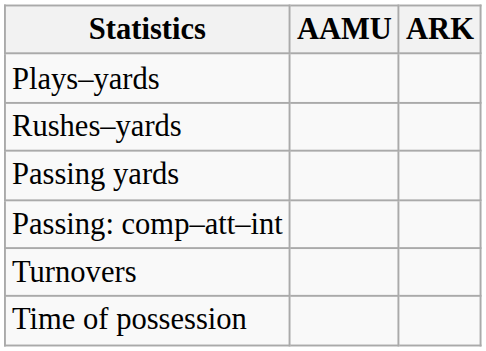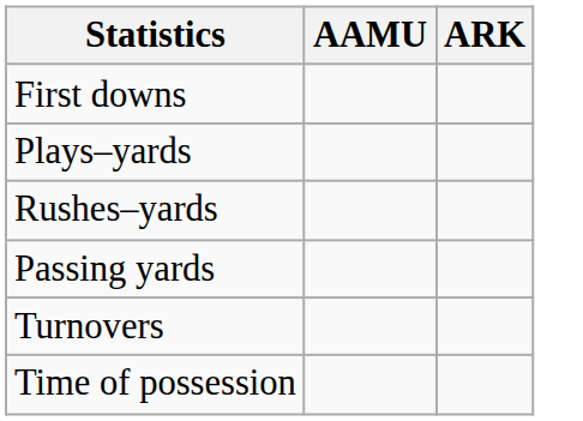 <table class="wikitable" style="float:left">
 <tr>
 <th>Statistics</th>
 <th>AAMU</th>
 <th>ARK</th>
+</tr>
+<tr>
+<td>First downs</td>
+<td></td>
+<td></td>
 </tr>
 <tr>
 <td>Plays–yards</td>
 <td></td>
 <td></td>
 </tr>
 <tr>
 <td>Rushes–yards</td>
 <td></td>
 <td></td>
 </tr>
 <tr>
 <td>Passing yards</td>
 <td></td>
 <td></td>
 </tr>
 <tr>
-<td>Passing: comp–att–int</td>
-<td></td>
-<td></td>
-</tr>
-<tr>
 <td>Turnovers</td>
 <td></td>
 <td></td>
 </tr>
 <tr>
 <td>Time of possession</td>
 <td></td>
 <td></td>
 </tr>
 </table>
